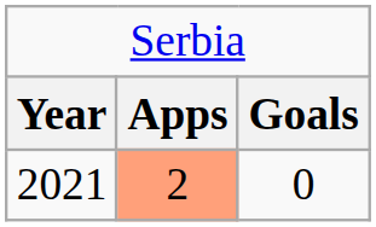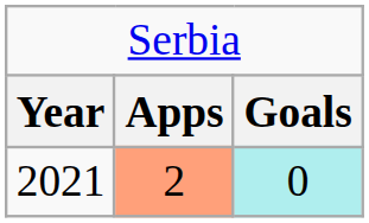 <table class="wikitable" style="text-align:center">
 <tr>
 <td colspan=3><a href='#'>Serbia</a></td>
 </tr>
 <tr>
 <th>Year</th>
 <th>Apps</th>
 <th>Goals</th>
 </tr>
 <tr>
 <td>2021</td>
 <td style="background: lightsalmon;">2</td>
-<td>0</td>
+<td style="background: paleturquoise;">0</td>
 </tr>
 </table>
